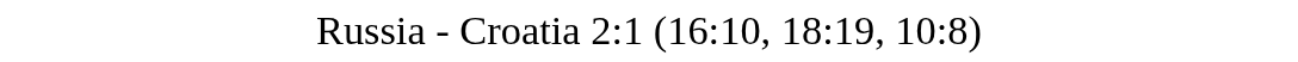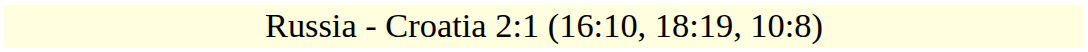 <table style="text-align:center">
 <tr>
 <th width=500></th>
 </tr>
 <tr>
-<td>Russia - Croatia 2:1 (16:10, 18:19, 10:8)</td>
+<td style="background: lightyellow;">Russia - Croatia 2:1 (16:10, 18:19, 10:8)</td>
 </tr>
 <tr>
 </tr>
 </table>
